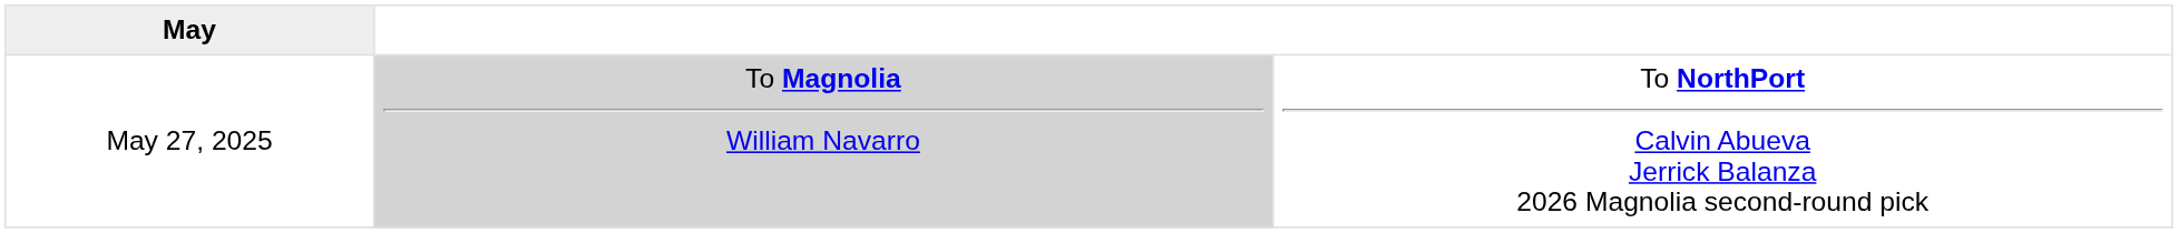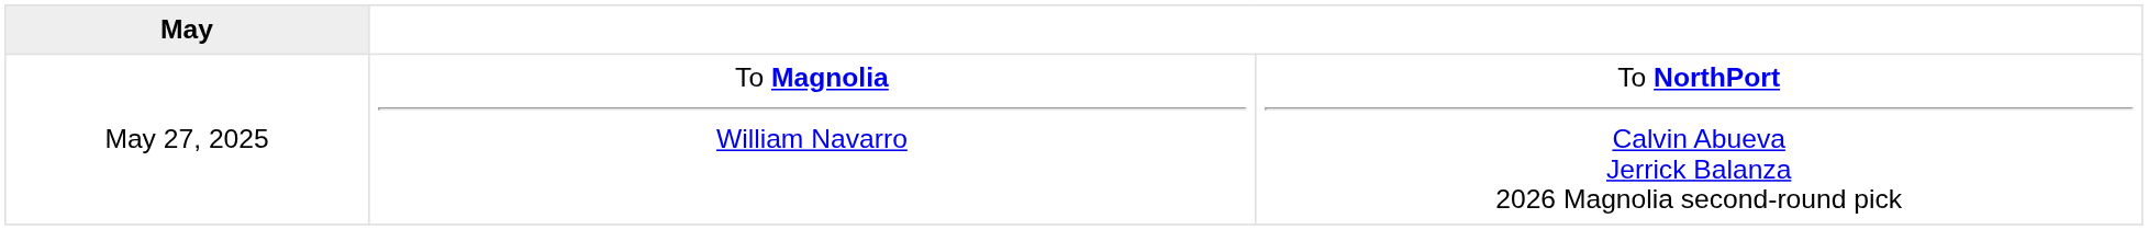 <table border=1 style="border-collapse:collapse; text-align: center; width: 100%" bordercolor="#DFDFDF"  cellpadding="5">
 <tr bgcolor="eeeeee">
 <th>May</th>
 </tr>
 <tr>
 <td style="width:12%" rowspan=2>May 27, 2025</td>
-<td style="background: lightgrey; width:29.3%" valign="top">To <strong><a href='#'>Magnolia</a></strong><hr><a href='#'>William Navarro</a></td>
+<td style="width:29.3%" valign="top">To <strong><a href='#'>Magnolia</a></strong><hr><a href='#'>William Navarro</a></td>
 <td style="width:29.3%" valign="top">To <strong><a href='#'>NorthPort</a></strong><hr><a href='#'>Calvin Abueva</a><br><a href='#'>Jerrick Balanza</a><br>2026 Magnolia second-round pick</td>
 </tr>
 </table>
